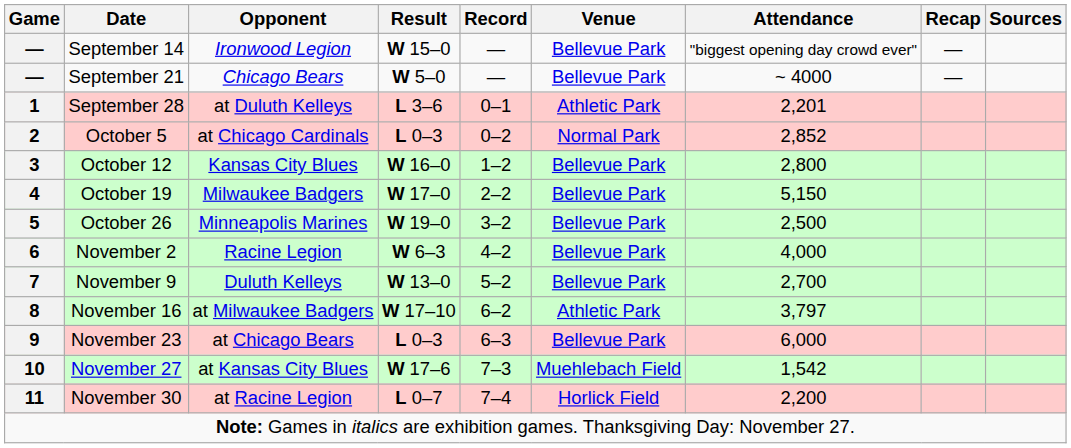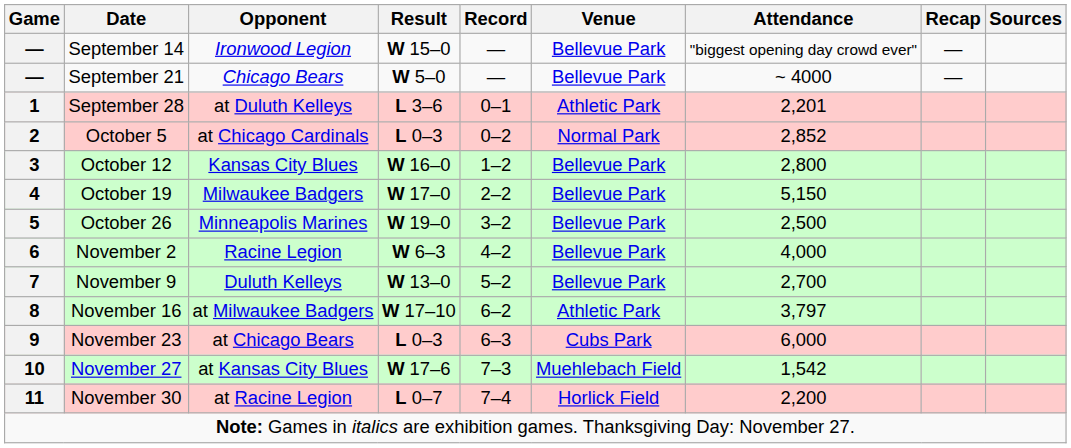 <table class="wikitable" style="text-align:center">
 <tr>
 <th>Game</th>
 <th>Date</th>
 <th>Opponent</th>
 <th>Result</th>
 <th>Record</th>
 <th>Venue</th>
 <th>Attendance</th>
 <th>Recap</th>
 <th>Sources</th>
 </tr>
 <tr>
 <th>—</th>
 <td>September 14</td>
 <td><em><a href='#'>Ironwood Legion</a></em></td>
 <td><strong>W</strong> 15–0</td>
 <td>—</td>
 <td><a href='#'>Bellevue Park</a></td>
 <td><small>"biggest opening day crowd ever"</small></td>
 <td>—</td>
 <td></td>
 </tr>
 <tr>
 <th>—</th>
 <td>September 21</td>
 <td><em><a href='#'>Chicago Bears</a></em></td>
 <td><strong>W</strong> 5–0</td>
 <td>—</td>
 <td><a href='#'>Bellevue Park</a></td>
 <td>~ 4000</td>
 <td>—</td>
 <td></td>
 </tr>
 <tr style="background:#fcc">
 <th>1</th>
 <td>September 28</td>
 <td>at <a href='#'>Duluth Kelleys</a></td>
 <td><strong>L</strong> 3–6</td>
 <td>0–1</td>
 <td><a href='#'>Athletic Park</a></td>
 <td>2,201</td>
 <td></td>
 <td></td>
 </tr>
 <tr style="background:#fcc">
 <th>2</th>
 <td>October 5</td>
 <td>at <a href='#'>Chicago Cardinals</a></td>
 <td><strong>L</strong> 0–3</td>
 <td>0–2</td>
 <td><a href='#'>Normal Park</a></td>
 <td>2,852</td>
 <td></td>
 <td></td>
 </tr>
 <tr style="background:#cfc">
 <th>3</th>
 <td>October 12</td>
 <td><a href='#'>Kansas City Blues</a></td>
 <td><strong>W</strong> 16–0</td>
 <td>1–2</td>
 <td><a href='#'>Bellevue Park</a></td>
 <td>2,800</td>
 <td></td>
 <td></td>
 </tr>
 <tr style="background:#cfc">
 <th>4</th>
 <td>October 19</td>
 <td><a href='#'>Milwaukee Badgers</a></td>
 <td><strong>W</strong> 17–0</td>
 <td>2–2</td>
 <td><a href='#'>Bellevue Park</a></td>
 <td>5,150</td>
 <td></td>
 <td></td>
 </tr>
 <tr style="background:#cfc">
 <th>5</th>
 <td>October 26</td>
 <td><a href='#'>Minneapolis Marines</a></td>
 <td><strong>W</strong> 19–0</td>
 <td>3–2</td>
 <td><a href='#'>Bellevue Park</a></td>
 <td>2,500</td>
 <td></td>
 <td></td>
 </tr>
 <tr style="background:#cfc">
 <th>6</th>
 <td>November 2</td>
 <td><a href='#'>Racine Legion</a></td>
 <td><strong>W</strong> 6–3</td>
 <td>4–2</td>
 <td><a href='#'>Bellevue Park</a></td>
 <td>4,000</td>
 <td></td>
 <td></td>
 </tr>
 <tr style="background:#cfc">
 <th>7</th>
 <td>November 9</td>
 <td><a href='#'>Duluth Kelleys</a></td>
 <td><strong>W</strong> 13–0</td>
 <td>5–2</td>
 <td><a href='#'>Bellevue Park</a></td>
 <td>2,700</td>
 <td></td>
 <td></td>
 </tr>
 <tr style="background:#cfc">
 <th>8</th>
 <td>November 16</td>
 <td>at <a href='#'>Milwaukee Badgers</a></td>
 <td><strong>W</strong> 17–10</td>
 <td>6–2</td>
 <td><a href='#'>Athletic Park</a></td>
 <td>3,797</td>
 <td></td>
 <td></td>
 </tr>
 <tr style="background:#fcc">
 <th>9</th>
 <td>November 23</td>
 <td>at <a href='#'>Chicago Bears</a></td>
 <td><strong>L</strong> 0–3</td>
 <td>6–3</td>
-<td><a href='#'>Bellevue Park</a></td>
+<td><a href='#'>Cubs Park</a></td>
 <td>6,000</td>
 <td></td>
 <td></td>
 </tr>
 <tr style="background:#cfc">
 <th>10</th>
 <td><a href='#'>November 27</a></td>
 <td>at <a href='#'>Kansas City Blues</a></td>
 <td><strong>W</strong> 17–6</td>
 <td>7–3</td>
 <td><a href='#'>Muehlebach Field</a></td>
 <td>1,542</td>
 <td></td>
 <td></td>
 </tr>
 <tr style="background:#fcc">
 <th>11</th>
 <td>November 30</td>
 <td>at <a href='#'>Racine Legion</a></td>
 <td><strong>L</strong> 0–7</td>
 <td>7–4</td>
 <td><a href='#'>Horlick Field</a></td>
 <td>2,200</td>
 <td></td>
 <td></td>
 </tr>
 <tr>
 <td colspan="10"><strong>Note:</strong> Games in <em>italics</em> are exhibition games. Thanksgiving Day: November 27.</td>
 </tr>
 </table>
